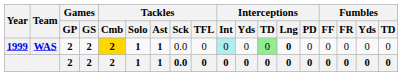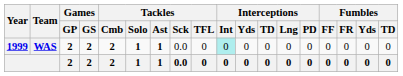 <table class="wikitable" style="text-align:center">
 <tr>
 <th rowspan="2">Year</th>
 <th rowspan="2">Team</th>
 <th colspan="2">Games</th>
 <th colspan="5">Tackles</th>
 <th colspan="5">Interceptions</th>
 <th colspan="4">Fumbles</th>
 </tr>
 <tr>
 <th>GP</th>
 <th>GS</th>
 <th>Cmb</th>
 <th>Solo</th>
 <th>Ast</th>
 <th>Sck</th>
 <th>TFL</th>
 <th>Int</th>
 <th>Yds</th>
 <th>TD</th>
 <th>Lng</th>
 <th>PD</th>
 <th>FF</th>
 <th>FR</th>
 <th>Yds</th>
 <th>TD</th>
 </tr>
 <tr>
 <th><a href='#'>1999</a></th>
 <th><a href='#'>WAS</a></th>
 <td><strong>2</strong></td>
 <td><strong>2</strong></td>
-<td style="background: gold;"><strong>2</strong></td>
+<td><strong>2</strong></td>
 <td><strong>1</strong></td>
 <td><strong>1</strong></td>
 <td>0.0</td>
 <td>0</td>
 <td style="background: paleturquoise;">0</td>
 <td>0</td>
-<td style="background: lightgreen;">0</td>
-<td><strong>0</strong></td>
+<td>0</td>
+<td>0</td>
 <td>0</td>
 <td>0</td>
 <td>0</td>
 <td>0</td>
 <td>0</td>
 </tr>
 <tr>
 <th colspan="2"></th>
 <th>2</th>
 <th>2</th>
 <th>2</th>
 <th>1</th>
 <th>1</th>
 <th>0.0</th>
 <th>0</th>
 <th>0</th>
 <th>0</th>
 <th>0</th>
 <th>0</th>
 <th>0</th>
 <th>0</th>
 <th>0</th>
 <th>0</th>
 <th>0</th>
 </tr>
 </table>
